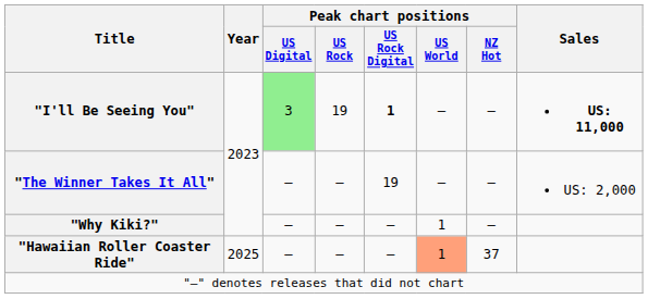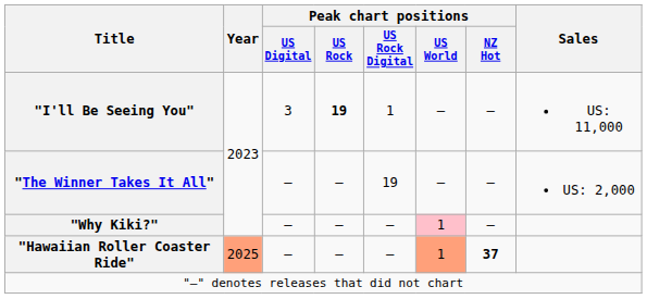 <table class="wikitable plainrowheaders" style="text-align:center;">
 <tr>
 <th rowspan="2" style="width:16em;">Title</th>
 <th rowspan="2">Year</th>
 <th colspan="5">Peak chart positions</th>
 <th rowspan="2" style="width:9em;">Sales</th>
 </tr>
 <tr style="font-size:smaller;">
 <th style="width:4em;"><a href='#'>US<br>Digital</a><br></th>
 <th style="width:4em;"><a href='#'>US <br>Rock</a><br></th>
 <th style="width:4em;"><a href='#'>US <br>Rock Digital</a><br></th>
 <th style="width:4em;"><a href='#'>US<br>World</a><br></th>
 <th style="width:4em;"><a href='#'>NZ<br>Hot</a><br></th>
 </tr>
 <tr>
 <th scope="row">"I'll Be Seeing You"</th>
 <td rowspan="3">2023</td>
-<td style="background: lightgreen;">3</td>
-<td>19</td>
-<td><strong>1</strong></td>
+<td>3</td>
+<td><strong>19</strong></td>
+<td>1</td>
 <td>—</td>
 <td>—</td>
-<td><strong><br><ul><li>US: 11,000</li></ul></strong></td>
+<td><br><ul><li>US: 11,000</li></ul></td>
 </tr>
 <tr>
 <th scope="row">"<a href='#'>The Winner Takes It All</a>"</th>
 <td>—</td>
 <td>—</td>
 <td>19</td>
 <td>—</td>
 <td>—</td>
 <td><br><ul><li>US: 2,000</li></ul></td>
 </tr>
 <tr>
 <th scope="row">"Why Kiki?"</th>
 <td>—</td>
 <td>—</td>
 <td>—</td>
-<td>1</td>
+<td style="background: pink;">1</td>
 <td>—</td>
 <td></td>
 </tr>
 <tr>
 <th scope="row">"Hawaiian Roller Coaster Ride"<br></th>
-<td>2025</td>
+<td style="background: lightsalmon;">2025</td>
 <td>—</td>
 <td>—</td>
 <td>—</td>
 <td style="background: lightsalmon;">1</td>
-<td>37</td>
+<td><strong>37</strong></td>
 <td></td>
 </tr>
 <tr>
 <td colspan="8" style="font-size:90%;">"—" denotes releases that did not chart</td>
 </tr>
 </table>
